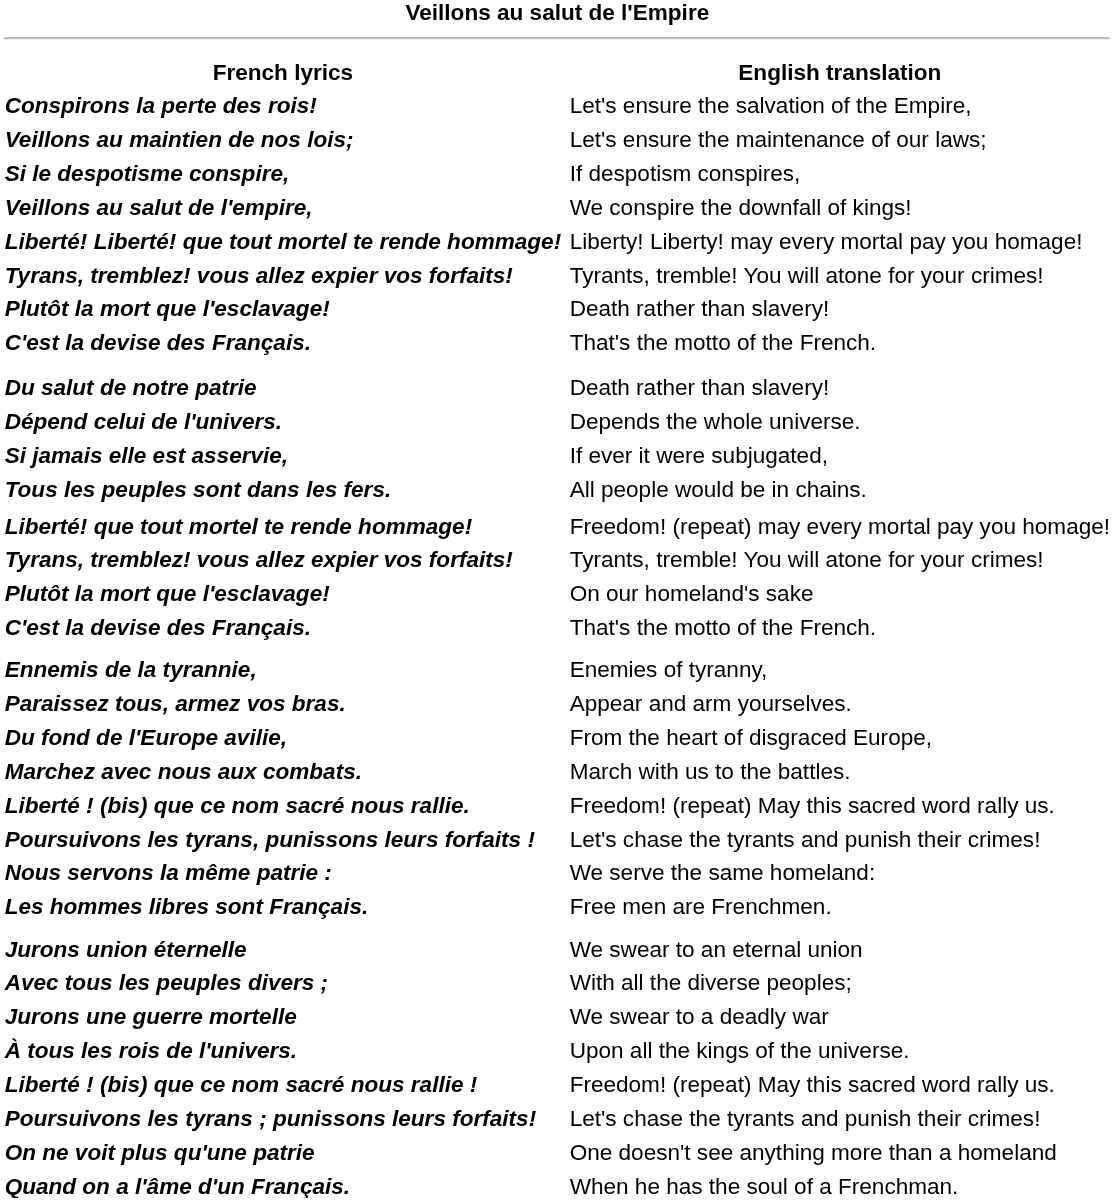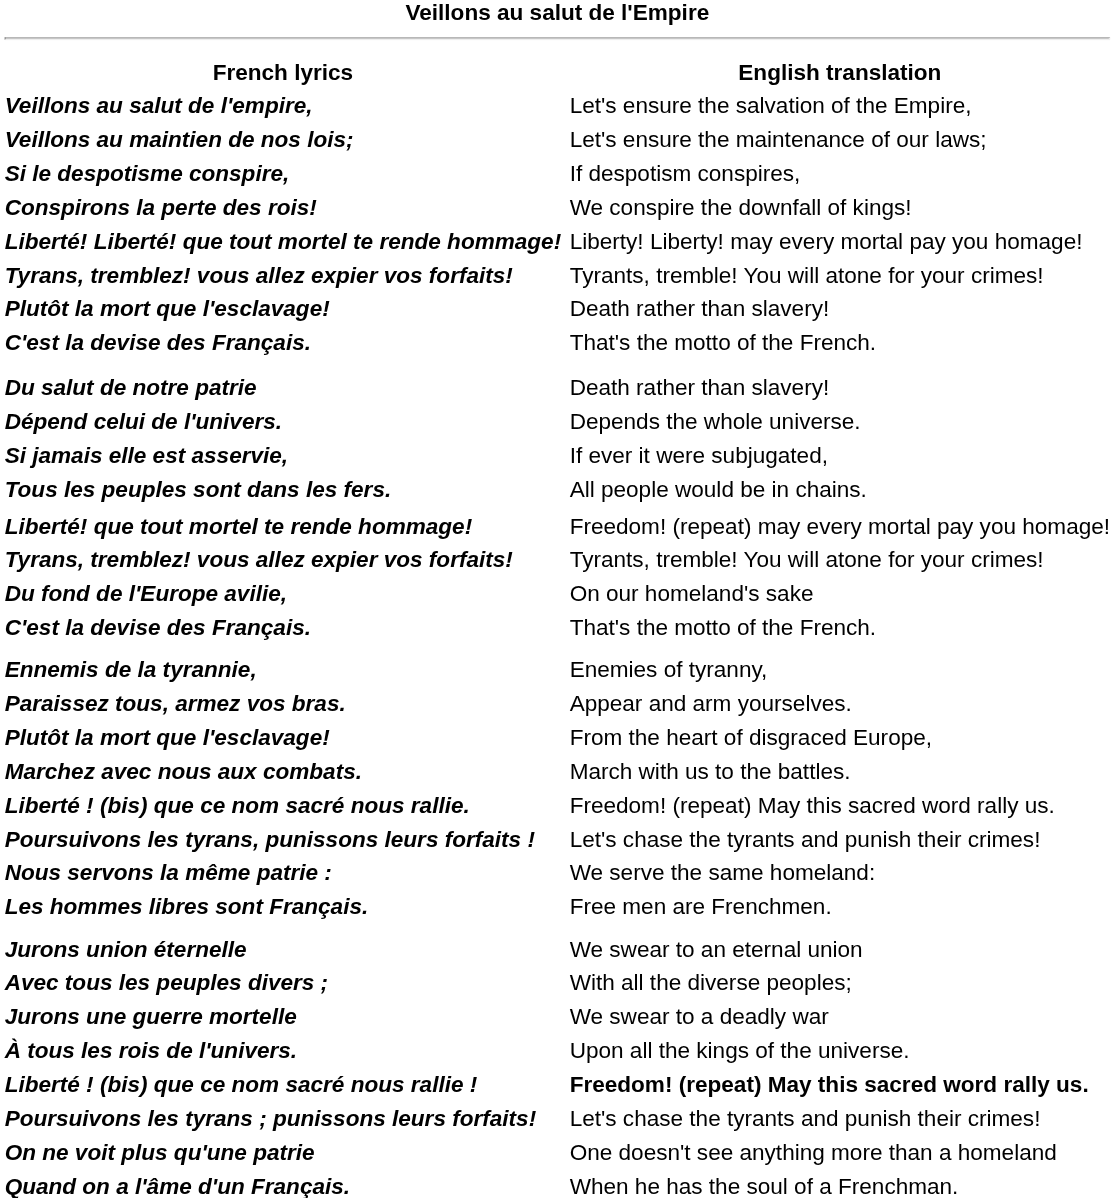 <table cellpadding=2 style="background:transparent;">
 <tr>
 <td align="center" colspan="2"><strong>Veillons au salut de l'Empire</strong><br><hr></td>
 </tr>
 <tr>
 <th>French lyrics</th>
 <th>English translation</th>
 </tr>
 <tr>
-<td><strong><em>Conspirons la perte des rois!</em></strong></td>
+<td><strong><em>Veillons au salut de l'empire,</em></strong></td>
 <td>Let's ensure the salvation of the Empire,</td>
 </tr>
 <tr>
 <td><strong><em>Veillons au maintien de nos lois;</em></strong></td>
 <td>Let's ensure the maintenance of our laws;</td>
 </tr>
 <tr>
 <td><strong><em>Si le despotisme conspire,</em></strong></td>
 <td>If despotism conspires,</td>
 </tr>
 <tr>
-<td><strong><em>Veillons au salut de l'empire,</em></strong></td>
+<td><strong><em>Conspirons la perte des rois!</em></strong></td>
 <td>We conspire the downfall of kings!</td>
 </tr>
 <tr>
 <td><strong><em>Liberté! Liberté! que tout mortel te rende hommage!</em></strong></td>
 <td>Liberty! Liberty! may every mortal pay you homage!</td>
 </tr>
 <tr>
 <td><strong><em>Tyrans, tremblez! vous allez expier vos forfaits!</em></strong></td>
 <td>Tyrants, tremble! You will atone for your crimes!</td>
 </tr>
 <tr>
 <td><strong><em>Plutôt la mort que l'esclavage!</em></strong></td>
 <td>Death rather than slavery!</td>
 </tr>
 <tr>
 <td><strong><em>C'est la devise des Français.</em></strong></td>
 <td>That's the motto of the French.</td>
 </tr>
 <tr>
 <td></td>
 <td></td>
 </tr>
 <tr>
 </tr>
 <tr>
 <td><strong><em>Du salut de notre patrie</em></strong></td>
 <td>Death rather than slavery!</td>
 </tr>
 <tr>
 <td><strong><em>Dépend celui de l'univers.</em></strong></td>
 <td>Depends the whole universe.</td>
 </tr>
 <tr>
 <td><strong><em>Si jamais elle est asservie,</em></strong></td>
 <td>If ever it were subjugated,</td>
 </tr>
 <tr>
 <td><strong><em>Tous les peuples sont dans les fers.</em></strong></td>
 <td>All people would be in chains.</td>
 </tr>
 <tr>
 </tr>
 <tr>
 <td><strong><em>Liberté! que tout mortel te rende hommage!</em></strong></td>
 <td>Freedom! (repeat) may every mortal pay you homage!</td>
 </tr>
 <tr>
 <td><strong><em>Tyrans, tremblez! vous allez expier vos forfaits!</em></strong></td>
 <td>Tyrants, tremble! You will atone for your crimes!</td>
 </tr>
 <tr>
-<td><strong><em>Plutôt la mort que l'esclavage!</em></strong></td>
+<td><strong><em>Du fond de l'Europe avilie,</em></strong></td>
 <td>On our homeland's sake</td>
 </tr>
 <tr>
 <td><strong><em>C'est la devise des Français.</em></strong></td>
 <td>That's the motto of the French.</td>
 </tr>
 <tr>
 <td></td>
 <td></td>
 </tr>
 <tr>
 <td><strong><em>Ennemis de la tyrannie,</em></strong></td>
 <td>Enemies of tyranny,</td>
 </tr>
 <tr>
 <td><strong><em>Paraissez tous, armez vos bras.</em></strong></td>
 <td>Appear and arm yourselves.</td>
 </tr>
 <tr>
-<td><strong><em>Du fond de l'Europe avilie,</em></strong></td>
+<td><strong><em>Plutôt la mort que l'esclavage!</em></strong></td>
 <td>From the heart of disgraced Europe,</td>
 </tr>
 <tr>
 <td><strong><em>Marchez avec nous aux combats.</em></strong></td>
 <td>March with us to the battles.</td>
 </tr>
 <tr>
 <td><strong><em>Liberté ! (bis) que ce nom sacré nous rallie.</em></strong></td>
 <td>Freedom! (repeat) May this sacred word rally us.</td>
 </tr>
 <tr>
 <td><strong><em>Poursuivons les tyrans, punissons leurs forfaits !</em></strong></td>
 <td>Let's chase the tyrants and punish their crimes!</td>
 </tr>
 <tr>
 <td><strong><em>Nous servons la même patrie :</em></strong></td>
 <td>We serve the same homeland:</td>
 </tr>
 <tr>
 <td><strong><em>Les hommes libres sont Français.</em></strong></td>
 <td>Free men are Frenchmen.</td>
 </tr>
 <tr>
 <td></td>
 <td></td>
 </tr>
 <tr>
 <td><strong><em>Jurons union éternelle</em></strong></td>
 <td>We swear to an eternal union</td>
 </tr>
 <tr>
 <td><strong><em>Avec tous les peuples divers ;</em></strong></td>
 <td>With all the diverse peoples;</td>
 </tr>
 <tr>
 <td><strong><em>Jurons une guerre mortelle</em></strong></td>
 <td>We swear to a deadly war</td>
 </tr>
 <tr>
 <td><strong><em>À tous les rois de l'univers.</em></strong></td>
 <td>Upon all the kings of the universe.</td>
 </tr>
 <tr>
 <td><strong><em>Liberté ! (bis) que ce nom sacré nous rallie !</em></strong></td>
-<td>Freedom! (repeat) May this sacred word rally us.</td>
+<td><strong>Freedom! (repeat) May this sacred word rally us.</strong></td>
 </tr>
 <tr>
 <td><strong><em>Poursuivons les tyrans ; punissons leurs forfaits!</em></strong></td>
 <td>Let's chase the tyrants and punish their crimes!</td>
 </tr>
 <tr>
 <td><strong><em>On ne voit plus qu'une patrie</em></strong></td>
 <td>One doesn't see anything more than a homeland</td>
 </tr>
 <tr>
 <td><strong><em>Quand on a l'âme d'un Français.</em></strong></td>
 <td>When he has the soul of a Frenchman.</td>
 </tr>
 </table>
